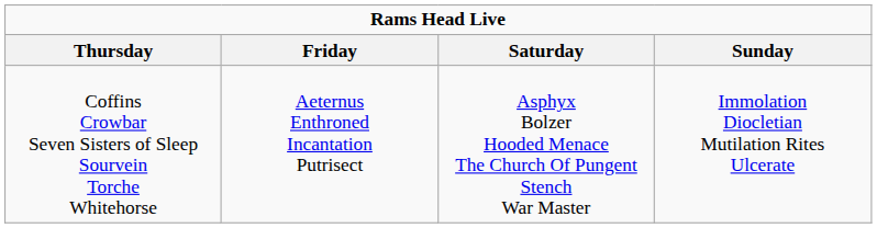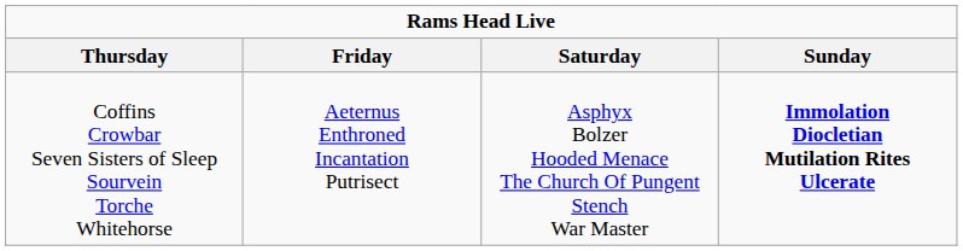 <table class="wikitable">
 <tr>
 <td colspan="4" align="center"><strong>Rams Head Live</strong></td>
 </tr>
 <tr>
 <th>Thursday</th>
 <th>Friday</th>
 <th>Saturday</th>
 <th>Sunday</th>
 </tr>
 <tr>
 <td valign="top" align="center" width=175><br>Coffins<br> <a href='#'>Crowbar</a><br> Seven Sisters of Sleep<br> <a href='#'>Sourvein</a><br> <a href='#'>Torche</a><br> Whitehorse<br></td>
 <td valign="top" align="center" width=175><br><a href='#'>Aeternus</a><br> <a href='#'>Enthroned</a><br> <a href='#'>Incantation</a><br> Putrisect<br></td>
 <td valign="top" align="center" width=175><br><a href='#'>Asphyx</a><br> Bolzer<br><a href='#'>Hooded Menace</a><br> <a href='#'>The Church Of Pungent Stench</a><br> War Master<br></td>
-<td valign="top" align="center" width=175><br><a href='#'>Immolation</a><br> <a href='#'>Diocletian</a><br> Mutilation Rites<br> <a href='#'>Ulcerate</a><br></td>
+<td valign="top" align="center" width=175><strong><br><a href='#'>Immolation</a><br> <a href='#'>Diocletian</a><br> Mutilation Rites<br> <a href='#'>Ulcerate</a><br></strong></td>
 </tr>
 </table>
